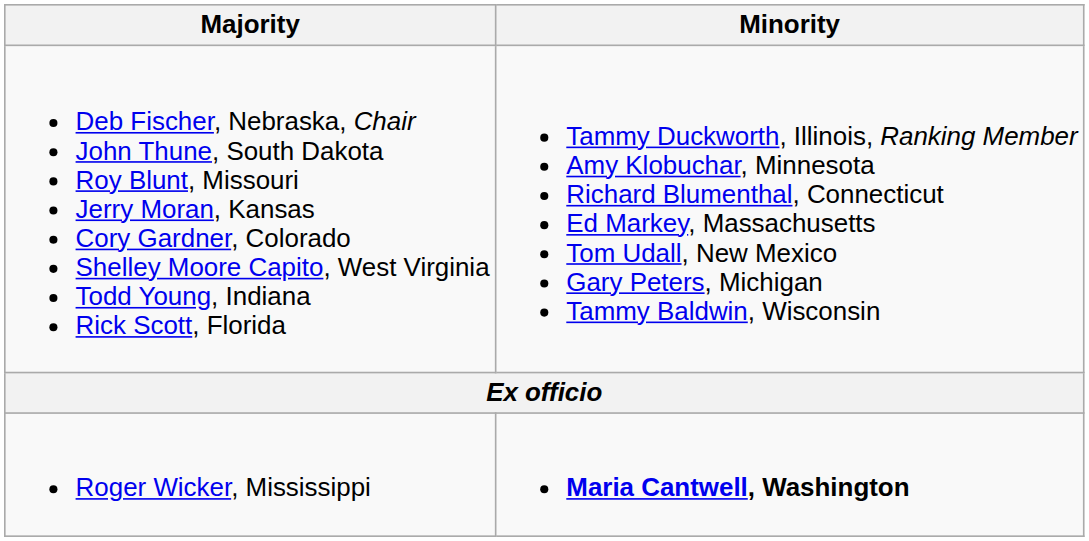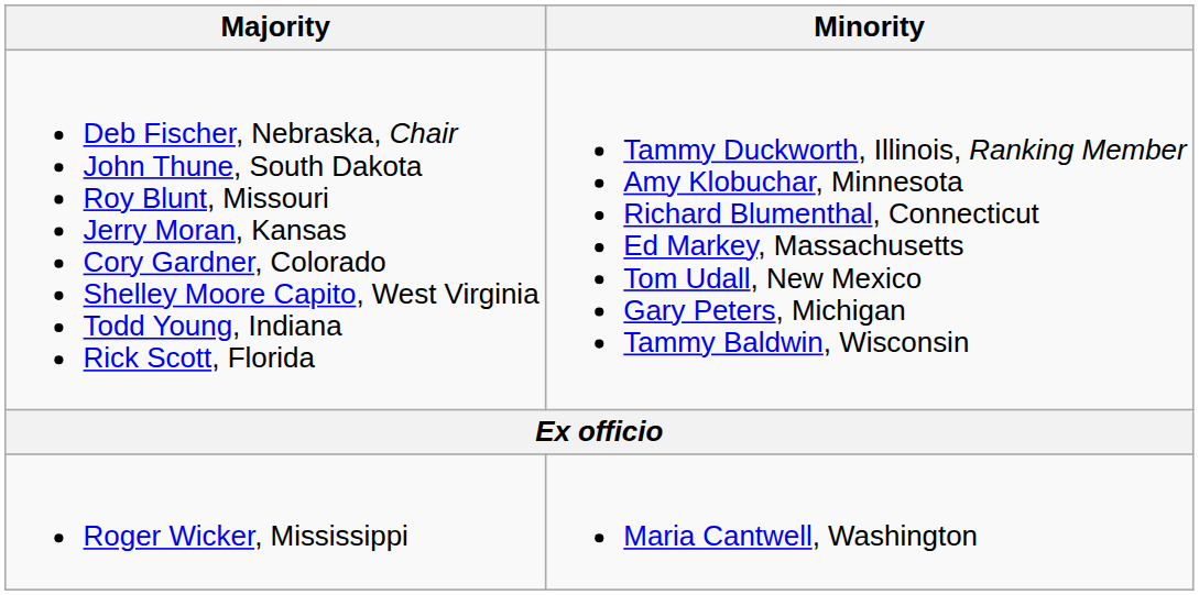 <table class=wikitable>
 <tr>
 <th>Majority</th>
 <th>Minority</th>
 </tr>
 <tr>
 <td><br><ul><li><a href='#'>Deb Fischer</a>, Nebraska, <em>Chair</em></li><li><a href='#'>John Thune</a>, South Dakota</li><li><a href='#'>Roy Blunt</a>, Missouri</li><li><a href='#'>Jerry Moran</a>, Kansas</li><li><a href='#'>Cory Gardner</a>, Colorado</li><li><a href='#'>Shelley Moore Capito</a>, West Virginia</li><li><a href='#'>Todd Young</a>, Indiana</li><li><a href='#'>Rick Scott</a>, Florida</li></ul></td>
 <td><br><ul><li><a href='#'>Tammy Duckworth</a>, Illinois, <em>Ranking Member</em></li><li><a href='#'>Amy Klobuchar</a>, Minnesota</li><li><a href='#'>Richard Blumenthal</a>, Connecticut</li><li><a href='#'>Ed Markey</a>, Massachusetts</li><li><a href='#'>Tom Udall</a>, New Mexico</li><li><a href='#'>Gary Peters</a>, Michigan</li><li><a href='#'>Tammy Baldwin</a>, Wisconsin</li></ul></td>
 </tr>
 <tr>
 <th colspan=2><em>Ex officio</em></th>
 </tr>
 <tr>
 <td><br><ul><li><a href='#'>Roger Wicker</a>, Mississippi</li></ul></td>
-<td><strong><br><ul><li><a href='#'>Maria Cantwell</a>, Washington</li></ul></strong></td>
+<td><br><ul><li><a href='#'>Maria Cantwell</a>, Washington</li></ul></td>
 </tr>
 </table>
